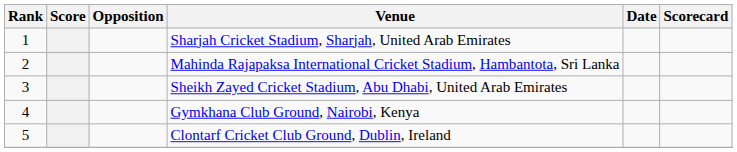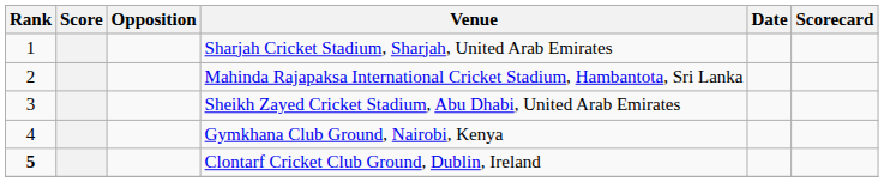 <table class="wikitable plainrowheaders sortable">
 <tr>
 <th scope=col>Rank</th>
 <th scope=col>Score</th>
 <th scope=col>Opposition</th>
 <th scope=col>Venue</th>
 <th scope=col>Date</th>
 <th scope=col>Scorecard</th>
 </tr>
 <tr>
 <td align=center>1</td>
 <th scope=row style=text-align:center;></th>
 <td></td>
 <td><a href='#'>Sharjah Cricket Stadium</a>, <a href='#'>Sharjah</a>, United Arab Emirates</td>
 <td></td>
 <td></td>
 </tr>
 <tr>
 <td align=center>2</td>
 <th scope=row style=text-align:center;></th>
 <td></td>
 <td><a href='#'>Mahinda Rajapaksa International Cricket Stadium</a>, <a href='#'>Hambantota</a>, Sri Lanka</td>
 <td></td>
 <td></td>
 </tr>
 <tr>
 <td align=center>3</td>
 <th scope=row style=text-align:center;></th>
 <td></td>
 <td><a href='#'>Sheikh Zayed Cricket Stadium</a>, <a href='#'>Abu Dhabi</a>, United Arab Emirates</td>
 <td></td>
 <td></td>
 </tr>
 <tr>
 <td align=center>4</td>
 <th scope=row style=text-align:center;></th>
 <td></td>
 <td><a href='#'>Gymkhana Club Ground</a>, <a href='#'>Nairobi</a>, Kenya</td>
 <td></td>
 <td></td>
 </tr>
 <tr>
-<td align=center>5</td>
+<td align=center><strong>5</strong></td>
 <th scope=row style=text-align:center;></th>
 <td></td>
 <td><a href='#'>Clontarf Cricket Club Ground</a>, <a href='#'>Dublin</a>, Ireland</td>
 <td></td>
 <td></td>
 </tr>
 <tr>
 </tr>
 </table>
